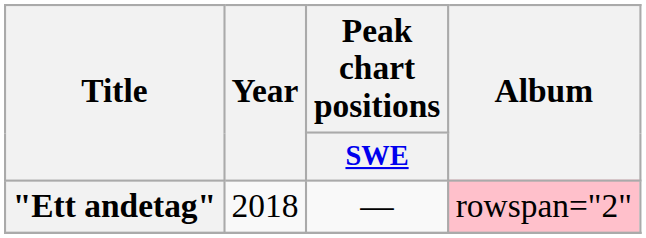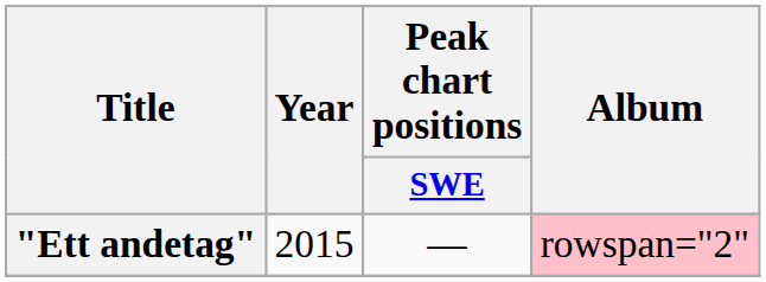 <table class="wikitable plainrowheaders" style="text-align:center;">
 <tr>
 <th scope="col" rowspan="2">Title</th>
 <th scope="col" rowspan="2">Year</th>
 <th scope="col" colspan="1">Peak chart positions</th>
 <th scope="col" rowspan="2">Album</th>
 </tr>
 <tr>
 <th scope="col" style="width:3em;font-size:85%;"><a href='#'>SWE</a></th>
 </tr>
 <tr>
 <th scope="row">"Ett andetag"</th>
-<td>2018</td>
+<td>2015</td>
 <td>—</td>
 <td style="background: pink;">rowspan="2" </td>
 </tr>
 <tr>
 </tr>
 </table>
